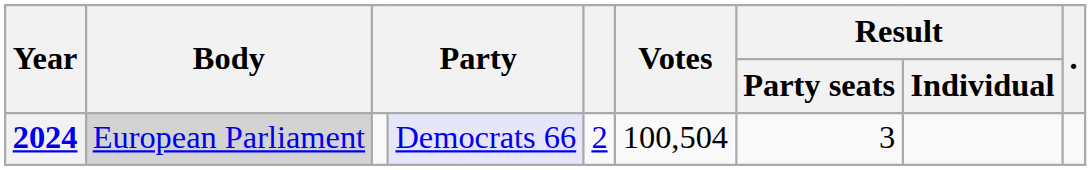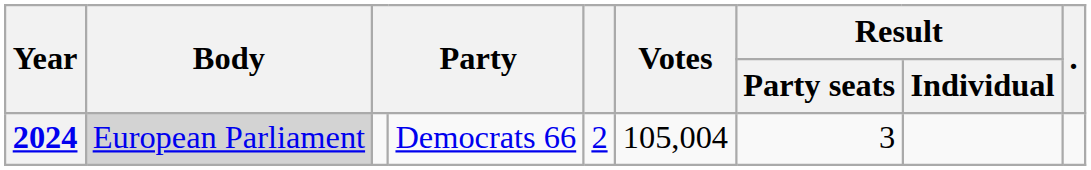 <table class="wikitable plainrowheaders sortable" border=2 cellpadding=4 cellspacing=0 style="border: 1px #aaa solid; font-size: 90%; text-align:center;">
 <tr>
 <th scope="col" rowspan=2>Year</th>
 <th scope="col" rowspan=2>Body</th>
 <th scope="col" colspan=2 rowspan=2>Party</th>
 <th scope="col" rowspan=2></th>
 <th scope="col" rowspan=2>Votes</th>
 <th scope="colgroup" colspan=2>Result</th>
 <th scope="col" rowspan=2>.</th>
 </tr>
 <tr>
 <th scope="col">Party seats</th>
 <th scope="col">Individual</th>
 </tr>
 <tr>
 <th scope="row"><a href='#'>2024</a></th>
 <td style="background: lightgrey;"><a href='#'>European Parliament</a></td>
 <td style="background-color:"></td>
-<td style="background: lavender;"><a href='#'>Democrats 66</a></td>
+<td><a href='#'>Democrats 66</a></td>
 <td style=text-align:right><a href='#'>2</a></td>
-<td style=text-align:right>100,504</td>
+<td style=text-align:right>105,004</td>
 <td style=text-align:right>3</td>
 <td></td>
 <td></td>
 </tr>
 </table>
